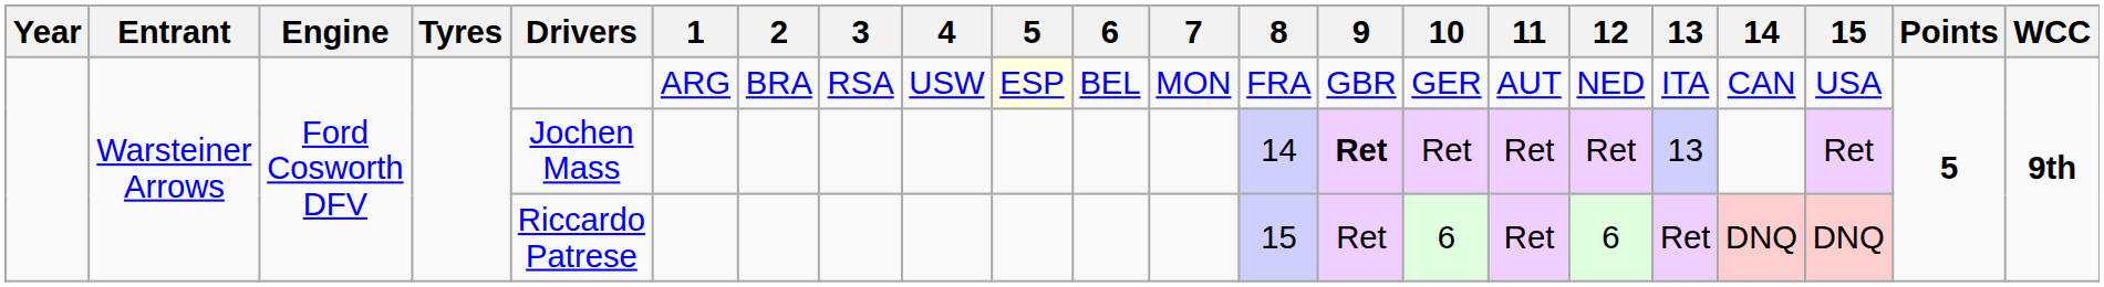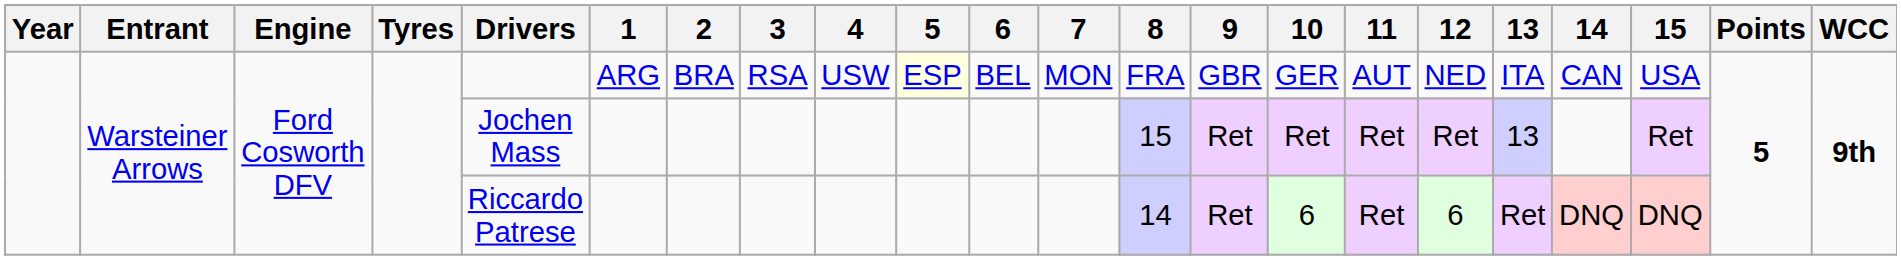 <table class="wikitable" style="text-align:center; font-size:90%">
 <tr>
 <th>Year</th>
 <th>Entrant</th>
 <th>Engine</th>
 <th>Tyres</th>
 <th>Drivers</th>
 <th>1</th>
 <th>2</th>
 <th>3</th>
 <th>4</th>
 <th>5</th>
 <th>6</th>
 <th>7</th>
 <th>8</th>
 <th>9</th>
 <th>10</th>
 <th>11</th>
 <th>12</th>
 <th>13</th>
 <th>14</th>
 <th>15</th>
 <th>Points</th>
 <th>WCC</th>
 </tr>
 <tr>
 <td rowspan="3"></td>
 <td rowspan="3"><a href='#'>Warsteiner</a> <a href='#'>Arrows</a></td>
 <td rowspan="3"><a href='#'>Ford</a> <a href='#'>Cosworth DFV</a></td>
 <td rowspan="3"></td>
 <td></td>
 <td><a href='#'>ARG</a></td>
 <td><a href='#'>BRA</a></td>
 <td><a href='#'>RSA</a></td>
 <td><a href='#'>USW</a></td>
 <td style="background: lightyellow;"><a href='#'>ESP</a></td>
 <td><a href='#'>BEL</a></td>
 <td><a href='#'>MON</a></td>
 <td><a href='#'>FRA</a></td>
 <td><a href='#'>GBR</a></td>
 <td><a href='#'>GER</a></td>
 <td><a href='#'>AUT</a></td>
 <td><a href='#'>NED</a></td>
 <td><a href='#'>ITA</a></td>
 <td><a href='#'>CAN</a></td>
 <td><a href='#'>USA</a></td>
 <td rowspan="3"><strong>5</strong></td>
 <td rowspan="3"><strong>9th</strong></td>
 </tr>
 <tr>
 <td><a href='#'>Jochen Mass</a></td>
 <td></td>
 <td></td>
 <td></td>
 <td></td>
 <td></td>
 <td></td>
 <td></td>
-<td style="background:#CFCFFF;">14</td>
-<td style="background:#EFCFFF;"><strong>Ret</strong></td>
+<td style="background:#CFCFFF;">15</td>
+<td style="background:#EFCFFF;">Ret</td>
 <td style="background:#EFCFFF;">Ret</td>
 <td style="background:#EFCFFF;">Ret</td>
 <td style="background:#EFCFFF;">Ret</td>
 <td style="background:#CFCFFF;">13</td>
 <td></td>
 <td style="background:#EFCFFF;">Ret</td>
 </tr>
 <tr>
 <td><a href='#'>Riccardo Patrese</a></td>
 <td></td>
 <td></td>
 <td></td>
 <td></td>
 <td></td>
 <td></td>
 <td></td>
-<td style="background:#CFCFFF;">15</td>
+<td style="background:#CFCFFF;">14</td>
 <td style="background:#EFCFFF;">Ret</td>
 <td style="background:#DFFFDF;">6</td>
 <td style="background:#EFCFFF;">Ret</td>
 <td style="background:#DFFFDF;">6</td>
 <td style="background:#EFCFFF;">Ret</td>
 <td style="background:#FFCFCF;">DNQ</td>
 <td style="background:#FFCFCF;">DNQ</td>
 </tr>
 </table>
